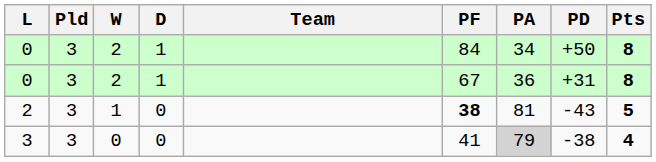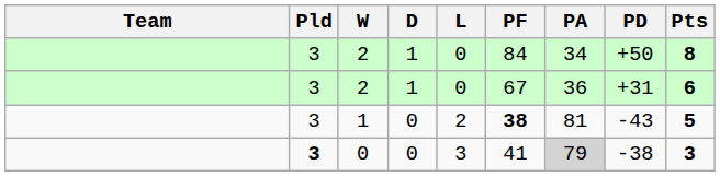 <table class="wikitable" style="text-align:center;">
 <tr>
-<th width=25 abbr="Lost">L</th>
+<th width=175>Team</th>
 <th width=25 abbr="Played">Pld</th>
 <th width=25 abbr="Won">W</th>
 <th width=25 abbr="Drawn">D</th>
-<th width=175>Team</th>
+<th width=25 abbr="Lost">L</th>
 <th width=32 abbr="Points for">PF</th>
 <th width=32 abbr="Points against">PA</th>
 <th width=32 abbr="Points difference">PD</th>
 <th width=25 abbr="Points">Pts</th>
 </tr>
 <tr bgcolor=ccffcc>
-<td>0</td>
+<td align=left></td>
 <td>3</td>
 <td>2</td>
 <td>1</td>
-<td align=left></td>
+<td>0</td>
 <td>84</td>
 <td>34</td>
 <td>+50</td>
 <td><strong>8</strong></td>
 </tr>
 <tr bgcolor=ccffcc>
-<td>0</td>
+<td align=left></td>
 <td>3</td>
 <td>2</td>
 <td>1</td>
-<td align=left></td>
+<td>0</td>
 <td>67</td>
 <td>36</td>
 <td>+31</td>
-<td><strong>8</strong></td>
+<td><strong>6</strong></td>
 </tr>
 <tr>
-<td>2</td>
+<td align=left></td>
 <td>3</td>
 <td>1</td>
 <td>0</td>
-<td align=left></td>
+<td>2</td>
 <td><strong>38</strong></td>
 <td>81</td>
 <td>-43</td>
 <td><strong>5</strong></td>
 </tr>
 <tr>
-<td>3</td>
-<td>3</td>
+<td align=left></td>
+<td><strong>3</strong></td>
 <td>0</td>
 <td>0</td>
-<td align=left></td>
+<td>3</td>
 <td>41</td>
 <td style="background: lightgrey;">79</td>
 <td>-38</td>
-<td><strong>4</strong></td>
+<td><strong>3</strong></td>
 </tr>
 </table>
